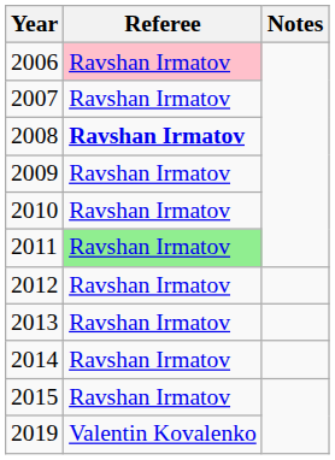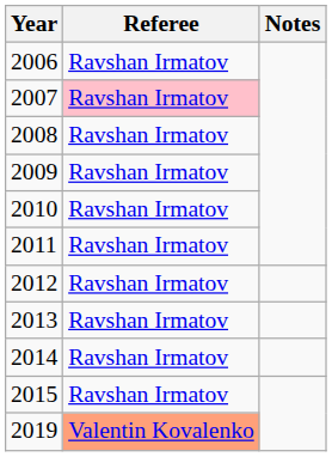 <table class="wikitable">
 <tr>
 <th>Year</th>
 <th>Referee</th>
 <th>Notes</th>
 </tr>
 <tr>
 <td>2006</td>
+<td><a href='#'>Ravshan Irmatov</a></td>
+</tr>
+<tr>
+<td>2007</td>
 <td style="background: pink;"><a href='#'>Ravshan Irmatov</a></td>
 </tr>
 <tr>
-<td>2007</td>
+<td>2008</td>
 <td><a href='#'>Ravshan Irmatov</a></td>
-</tr>
-<tr>
-<td>2008</td>
-<td><strong><a href='#'>Ravshan Irmatov</a></strong></td>
 </tr>
 <tr>
 <td>2009</td>
 <td><a href='#'>Ravshan Irmatov</a></td>
 </tr>
 <tr>
 <td>2010</td>
 <td><a href='#'>Ravshan Irmatov</a></td>
 </tr>
 <tr>
 <td>2011</td>
-<td style="background: lightgreen;"><a href='#'>Ravshan Irmatov</a></td>
+<td><a href='#'>Ravshan Irmatov</a></td>
 </tr>
 <tr>
 <td>2012</td>
 <td><a href='#'>Ravshan Irmatov</a></td>
 <td></td>
 </tr>
 <tr>
 <td>2013</td>
 <td><a href='#'>Ravshan Irmatov</a></td>
 </tr>
 <tr>
 <td>2014</td>
 <td><a href='#'>Ravshan Irmatov</a></td>
 <td></td>
 </tr>
 <tr>
 <td>2015</td>
 <td><a href='#'>Ravshan Irmatov</a></td>
 </tr>
 <tr>
 <td>2019</td>
-<td><a href='#'>Valentin Kovalenko</a></td>
+<td style="background: lightsalmon;"><a href='#'>Valentin Kovalenko</a></td>
 </tr>
 </table>
